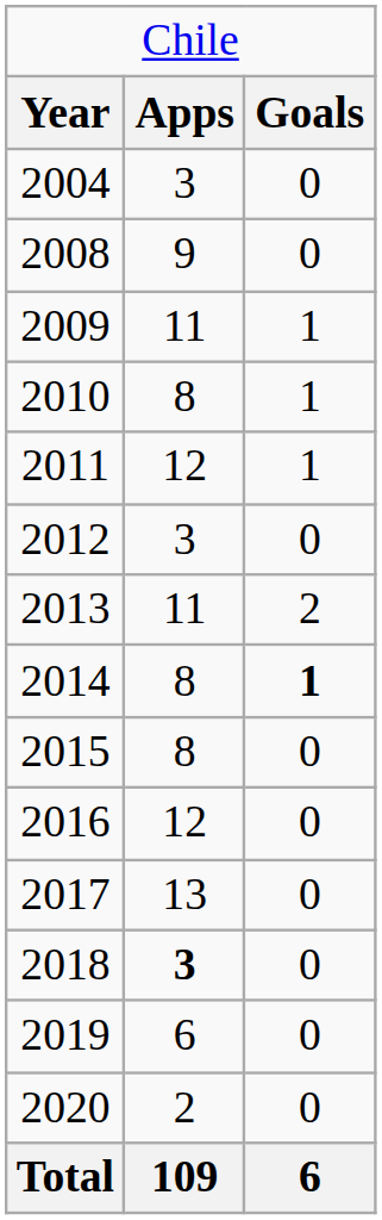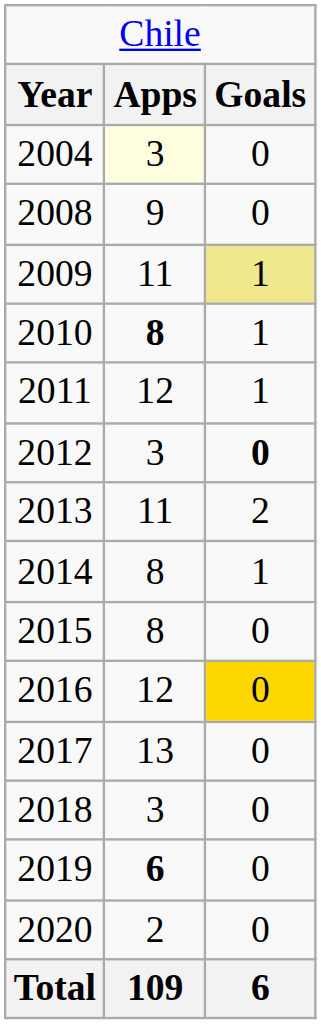 <table class="wikitable" style="text-align:center">
 <tr>
 <td colspan="3"><a href='#'>Chile</a></td>
 </tr>
 <tr>
 <th>Year</th>
 <th>Apps</th>
 <th>Goals</th>
 </tr>
 <tr>
 <td>2004</td>
-<td>3</td>
+<td style="background: lightyellow;">3</td>
 <td>0</td>
 </tr>
 <tr>
 <td>2008</td>
 <td>9</td>
 <td>0</td>
 </tr>
 <tr>
 <td>2009</td>
 <td>11</td>
-<td>1</td>
+<td style="background: khaki;">1</td>
 </tr>
 <tr>
 <td>2010</td>
-<td>8</td>
+<td><strong>8</strong></td>
 <td>1</td>
 </tr>
 <tr>
 <td>2011</td>
 <td>12</td>
 <td>1</td>
 </tr>
 <tr>
 <td>2012</td>
 <td>3</td>
-<td>0</td>
+<td><strong>0</strong></td>
 </tr>
 <tr>
 <td>2013</td>
 <td>11</td>
 <td>2</td>
 </tr>
 <tr>
 <td>2014</td>
 <td>8</td>
-<td><strong>1</strong></td>
+<td>1</td>
 </tr>
 <tr>
 <td>2015</td>
 <td>8</td>
 <td>0</td>
 </tr>
 <tr>
 <td>2016</td>
 <td>12</td>
-<td>0</td>
+<td style="background: gold;">0</td>
 </tr>
 <tr>
 <td>2017</td>
 <td>13</td>
 <td>0</td>
 </tr>
 <tr>
 <td>2018</td>
-<td><strong>3</strong></td>
+<td>3</td>
 <td>0</td>
 </tr>
 <tr>
 <td>2019</td>
-<td>6</td>
+<td><strong>6</strong></td>
 <td>0</td>
 </tr>
 <tr>
 <td>2020</td>
 <td>2</td>
 <td>0</td>
 </tr>
 <tr>
 <th>Total</th>
 <th>109</th>
 <th>6</th>
 </tr>
 </table>
